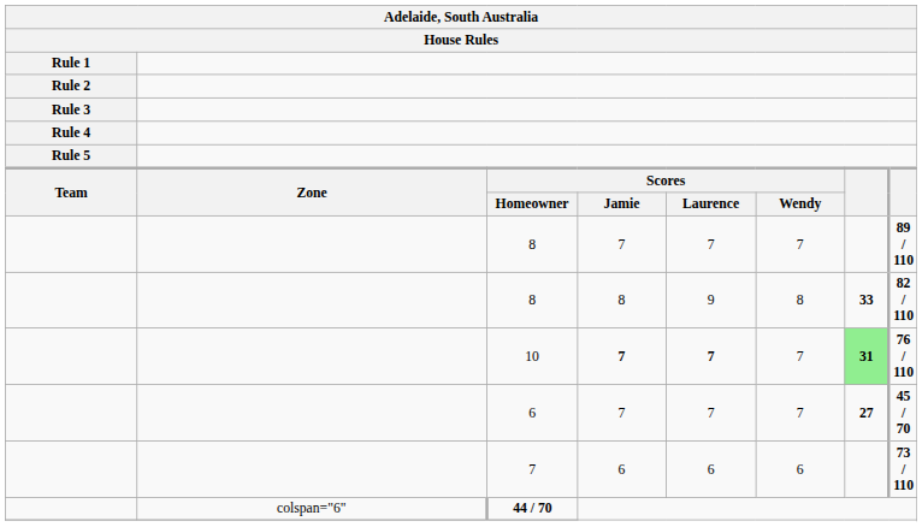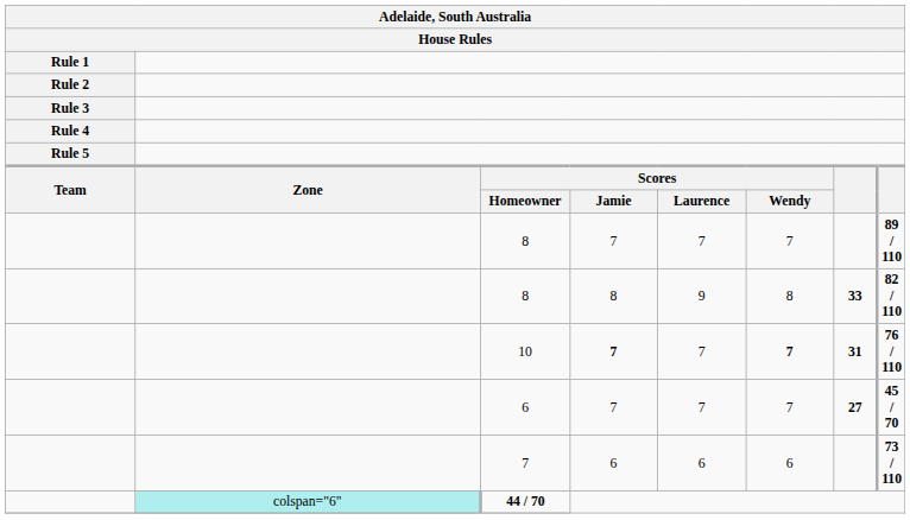 <table class="wikitable plainrowheaders" style="text-align:center; font-size:90%; width:65em;">
 <tr>
 <th colspan="8" >Adelaide, South Australia</th>
 </tr>
 <tr>
 <th colspan="8">House Rules</th>
 </tr>
 <tr>
 <th>Rule 1</th>
 <td colspan="8"></td>
 </tr>
 <tr>
 <th>Rule 2</th>
 <td colspan="8"></td>
 </tr>
 <tr>
 <th>Rule 3</th>
 <td colspan="8"></td>
 </tr>
 <tr>
 <th>Rule 4</th>
 <td colspan="8"></td>
 </tr>
 <tr>
 <th>Rule 5</th>
 <td colspan="8"></td>
 </tr>
 <tr style="border-top:3px solid #aaa;">
 <th rowspan="2">Team</th>
 <th rowspan="2" style="width:40%;">Zone</th>
 <th colspan="4" style="width:40%;">Scores</th>
 <th rowspan="2" style="width:10%;"></th>
 <th rowspan="2" style="width:10%; border-left:3px solid #aaa;"></th>
 </tr>
 <tr>
 <th style="width:10%;">Homeowner</th>
 <th style="width:10%;">Jamie</th>
 <th style="width:10%;">Laurence</th>
 <th style="width:10%;">Wendy</th>
 </tr>
 <tr>
 <td style="width:15%;"></td>
 <td></td>
 <td>8</td>
 <td>7</td>
 <td>7</td>
 <td>7</td>
 <td></td>
 <td style="border-left:3px solid #aaa;"><strong> 89 / 110</strong></td>
 </tr>
 <tr>
 <td style="width:15%;"></td>
 <td></td>
 <td>8</td>
 <td>8</td>
 <td>9</td>
 <td>8</td>
 <td><strong>33</strong></td>
 <td style="border-left:3px solid #aaa;"><strong> 82 / 110</strong></td>
 </tr>
 <tr>
 <td style="width:15%;"></td>
 <td></td>
 <td>10</td>
 <td><strong>7</strong></td>
+<td>7</td>
 <td><strong>7</strong></td>
-<td>7</td>
-<td style="background: lightgreen;"><strong>31</strong></td>
+<td><strong>31</strong></td>
 <td style="border-left:3px solid #aaa;"><strong> 76 / 110</strong></td>
 </tr>
 <tr>
 <td style="width:15%;"></td>
 <td></td>
 <td>6</td>
 <td>7</td>
 <td>7</td>
 <td>7</td>
 <td><strong>27</strong></td>
 <td style="border-left:3px solid #aaa;"><strong> 45 / 70</strong></td>
 </tr>
 <tr>
 <td style="width:15%;"></td>
 <td></td>
 <td>7</td>
 <td>6</td>
 <td>6</td>
 <td>6</td>
 <td></td>
 <td style="border-left:3px solid #aaa;"><strong> 73 / 110</strong></td>
 </tr>
 <tr>
 <td style="width:15%;"></td>
-<td>colspan="6" </td>
+<td style="background: paleturquoise;">colspan="6" </td>
 <td style="border-left:3px solid #aaa;"><strong>44 / 70</strong></td>
 </tr>
 <tr>
 </tr>
 </table>
